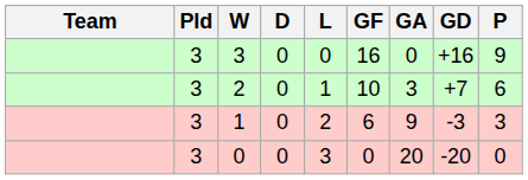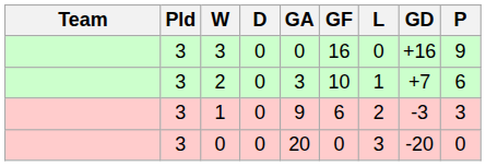 <table class="wikitable">
 <tr>
 <th width=120>Team</th>
 <th width=25>Pld</th>
 <th width=25>W</th>
 <th width=25>D</th>
+<th width=25>GA</th>
+<th width=25>GF</th>
 <th width=25>L</th>
-<th width=25>GF</th>
-<th width=25>GA</th>
 <th width=25>GD</th>
 <th width=25>P</th>
 </tr>
 <tr align=center bgcolor=#ccffcc>
 <td align=left></td>
 <td>3</td>
 <td>3</td>
 <td>0</td>
 <td>0</td>
 <td>16</td>
 <td>0</td>
 <td>+16</td>
 <td>9</td>
 </tr>
 <tr align=center bgcolor=#ccffcc>
 <td align=left></td>
 <td>3</td>
 <td>2</td>
 <td>0</td>
+<td>3</td>
+<td>10</td>
 <td>1</td>
-<td>10</td>
-<td>3</td>
 <td>+7</td>
 <td>6</td>
 </tr>
 <tr align=center bgcolor=#ffcccc>
 <td align=left></td>
 <td>3</td>
 <td>1</td>
 <td>0</td>
+<td>9</td>
+<td>6</td>
 <td>2</td>
-<td>6</td>
-<td>9</td>
 <td>-3</td>
 <td>3</td>
 </tr>
 <tr align=center bgcolor=#ffcccc>
 <td align=left></td>
 <td>3</td>
 <td>0</td>
 <td>0</td>
+<td>20</td>
+<td>0</td>
 <td>3</td>
-<td>0</td>
-<td>20</td>
 <td>-20</td>
 <td>0</td>
 </tr>
 </table>
